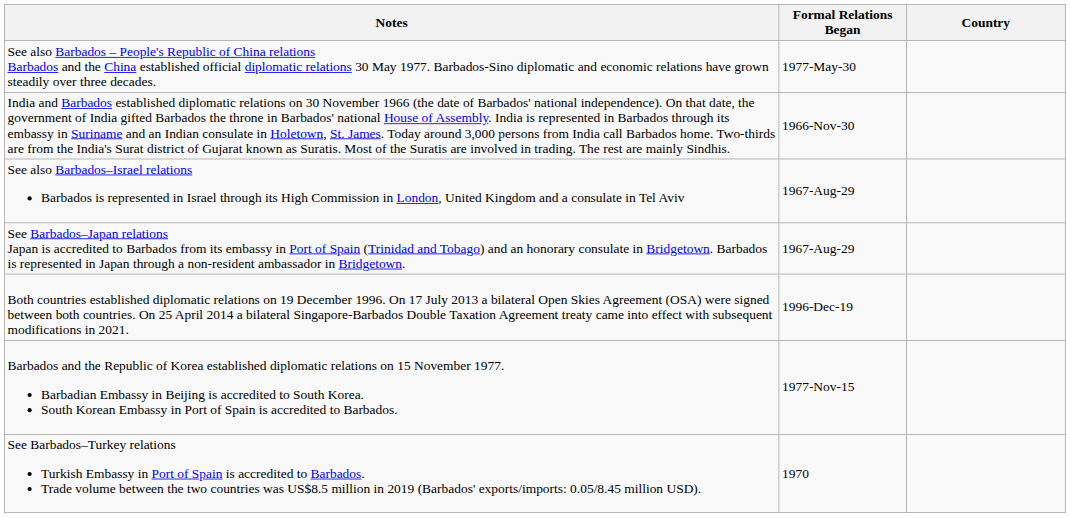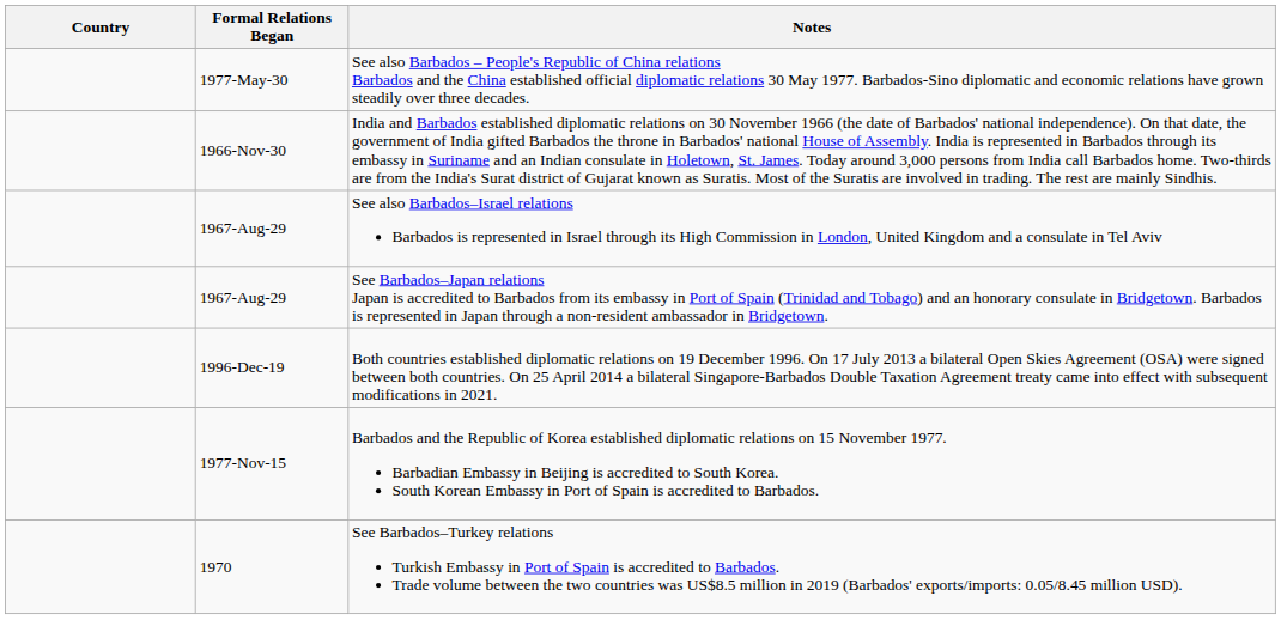 <table class="wikitable sortable" border="1" style="width:100%; margin:auto;">
 <tr>
+<th width="15%">Country</th>
+<th width="12%">Formal Relations Began</th>
 <th>Notes</th>
-<th width="12%">Formal Relations Began</th>
-<th width="15%">Country</th>
 </tr>
 <tr -valign="top">
+<td></td>
+<td>1977-May-30</td>
 <td>See also <a href='#'>Barbados – People's Republic of China relations</a><br><a href='#'>Barbados</a> and the <a href='#'>China</a> established official <a href='#'>diplomatic relations</a> 30 May 1977. Barbados-Sino diplomatic and economic relations have grown steadily over three decades.</td>
-<td>1977-May-30</td>
-<td></td>
 </tr>
 <tr -valign="top">
+<td></td>
+<td>1966-Nov-30</td>
 <td>India and <a href='#'>Barbados</a> established diplomatic relations on 30 November 1966 (the date of Barbados' national independence). On that date, the government of India gifted Barbados the throne in Barbados' national <a href='#'>House of Assembly</a>. India is represented in Barbados through its embassy in <a href='#'>Suriname</a> and an Indian consulate in <a href='#'>Holetown</a>, <a href='#'>St. James</a>. Today around 3,000 persons from India call Barbados home. Two-thirds are from the India's Surat district of Gujarat known as Suratis. Most of the Suratis are involved in trading. The rest are mainly Sindhis.</td>
-<td>1966-Nov-30</td>
-<td></td>
 </tr>
 <tr -valign="top">
+<td></td>
+<td>1967-Aug-29</td>
 <td>See also <a href='#'>Barbados–Israel relations</a><br><ul><li>Barbados is represented in Israel through its High Commission in <a href='#'>London</a>, United Kingdom and a consulate in Tel Aviv</li></ul></td>
-<td>1967-Aug-29</td>
-<td></td>
 </tr>
 <tr -valign="top">
+<td></td>
+<td>1967-Aug-29</td>
 <td>See <a href='#'>Barbados–Japan relations</a><br>Japan is accredited to Barbados from its embassy in <a href='#'>Port of Spain</a> (<a href='#'>Trinidad and Tobago</a>) and an honorary consulate in <a href='#'>Bridgetown</a>. Barbados is represented in Japan through a non-resident ambassador in <a href='#'>Bridgetown</a>.</td>
-<td>1967-Aug-29</td>
-<td></td>
 </tr>
 <tr -valign="top">
+<td></td>
+<td>1996-Dec-19</td>
 <td><br>Both countries established diplomatic relations on 19 December 1996. On 17 July 2013 a bilateral Open Skies Agreement (OSA) were signed between both countries. On 25 April 2014 a bilateral Singapore-Barbados Double Taxation Agreement treaty came into effect with subsequent modifications in 2021.</td>
-<td>1996-Dec-19</td>
-<td></td>
 </tr>
 <tr -valign="top">
+<td></td>
+<td>1977-Nov-15</td>
 <td><br>Barbados and the Republic of Korea established diplomatic relations on 15 November 1977.<ul><li>Barbadian Embassy in Beijing is accredited to South Korea.</li><li>South Korean Embassy in Port of Spain is accredited to Barbados.</li></ul></td>
-<td>1977-Nov-15</td>
-<td></td>
 </tr>
 <tr -valign="top">
+<td></td>
+<td>1970</td>
 <td>See Barbados–Turkey relations<br><ul><li>Turkish Embassy in <a href='#'>Port of Spain</a> is accredited to <a href='#'>Barbados</a>.</li><li>Trade volume between the two countries was US$8.5 million in 2019 (Barbados' exports/imports: 0.05/8.45 million USD).</li></ul></td>
-<td>1970</td>
-<td></td>
 </tr>
 </table>
